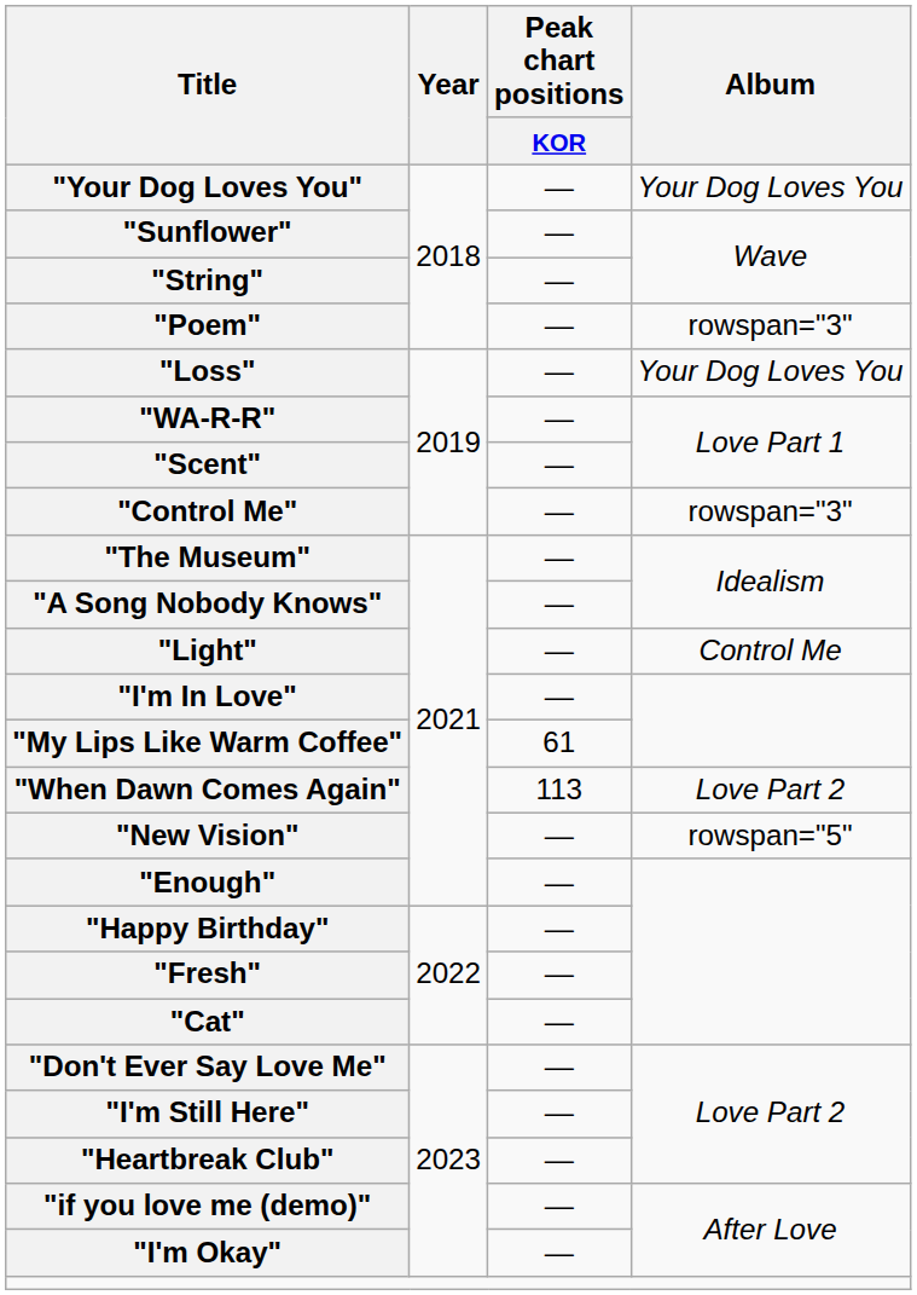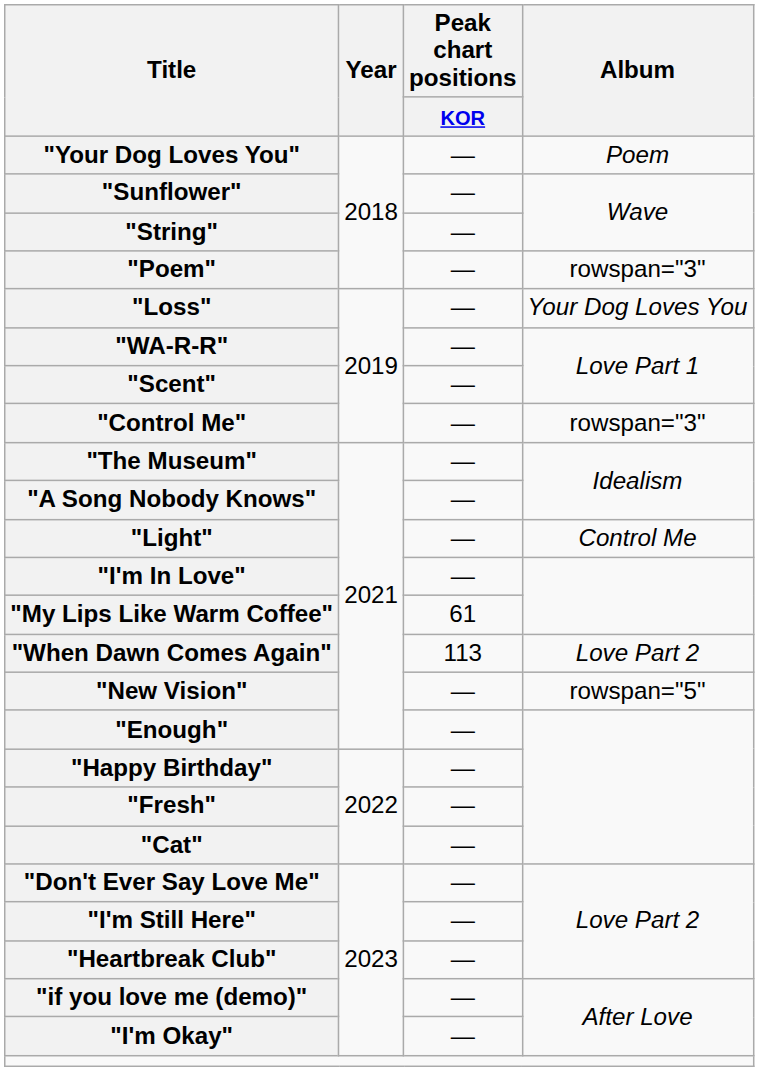 <table class="wikitable plainrowheaders" style="text-align:center;">
 <tr>
 <th rowspan="2" scope="col">Title</th>
 <th rowspan="2" scope="col">Year</th>
 <th scope="col">Peak chart positions</th>
 <th rowspan="2" scope="col">Album</th>
 </tr>
 <tr>
 <th style="width:3em;"><small><a href='#'>KOR</a></small><br></th>
 </tr>
 <tr>
 <th scope="row">"Your Dog Loves You"  </th>
 <td rowspan="4">2018</td>
 <td>—</td>
-<td><em>Your Dog Loves You</em></td>
+<td><em>Poem</em></td>
 </tr>
 <tr>
 <th scope="row">"Sunflower" </th>
 <td>—</td>
 <td rowspan="2"><em>Wave</em></td>
 </tr>
 <tr>
 <th scope="row">"String"  </th>
 <td>—</td>
 </tr>
 <tr>
 <th scope="row">"Poem" </th>
 <td>—</td>
 <td>rowspan="3" </td>
 </tr>
 <tr>
 <th scope="row">"Loss" </th>
 <td rowspan="4">2019</td>
 <td>—</td>
 <td><em>Your Dog Loves You</em></td>
 </tr>
 <tr>
 <th scope="row">"WA-R-R" </th>
 <td>—</td>
 <td rowspan="2"><em>Love Part 1</em></td>
 </tr>
 <tr>
 <th scope="row">"Scent" </th>
 <td>—</td>
 </tr>
 <tr>
 <th scope="row">"Control Me" </th>
 <td>—</td>
 <td>rowspan="3" </td>
 </tr>
 <tr>
 <th scope="row">"The Museum" </th>
 <td rowspan="8">2021</td>
 <td>—</td>
 <td rowspan="2"><em>Idealism</em></td>
 </tr>
 <tr>
 <th scope="row">"A Song Nobody Knows" </th>
 <td>—</td>
 </tr>
 <tr>
 <th scope="row">"Light" </th>
 <td>—</td>
 <td><em>Control Me</em></td>
 </tr>
 <tr>
 <th scope="row">"I'm In Love"</th>
 <td>—</td>
 </tr>
 <tr>
 <th scope="row">"My Lips Like Warm Coffee"  </th>
 <td>61</td>
 </tr>
 <tr>
 <th scope="row">"When Dawn Comes Again"  </th>
 <td>113</td>
 <td><em>Love Part 2</em></td>
 </tr>
 <tr>
 <th scope="row">"New Vision" </th>
 <td>—</td>
 <td>rowspan="5" </td>
 </tr>
 <tr>
 <th scope="row">"Enough"  </th>
 <td>—</td>
 </tr>
 <tr>
 <th scope="row">"Happy Birthday" </th>
 <td rowspan="3">2022</td>
 <td>—</td>
 </tr>
 <tr>
 <th scope="row">"Fresh"</th>
 <td>—</td>
 </tr>
 <tr>
 <th scope="row">"Cat" </th>
 <td>—</td>
 </tr>
 <tr>
 <th scope="row">"Don't Ever Say Love Me"  </th>
 <td rowspan="5">2023</td>
 <td>—</td>
 <td rowspan="3"><em>Love Part 2</em></td>
 </tr>
 <tr>
 <th scope="row">"I'm Still Here" </th>
 <td>—</td>
 </tr>
 <tr>
 <th scope="row">"Heartbreak Club"  </th>
 <td>—</td>
 </tr>
 <tr>
 <th scope="row">"if you love me (demo)"</th>
 <td>—</td>
 <td rowspan="2"><em>After Love</em></td>
 </tr>
 <tr>
 <th scope="row">"I'm Okay"  </th>
 <td>—</td>
 </tr>
 <tr>
 <td colspan="4"></td>
 </tr>
 </table>
